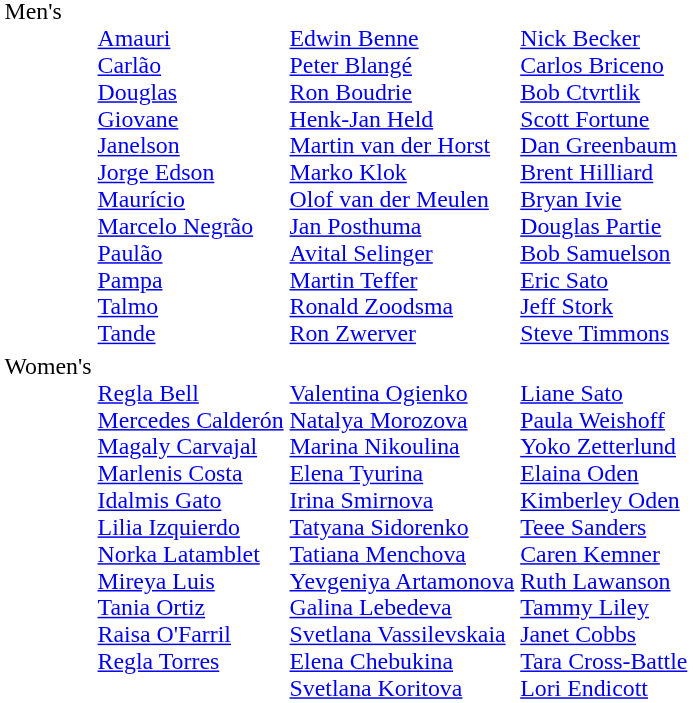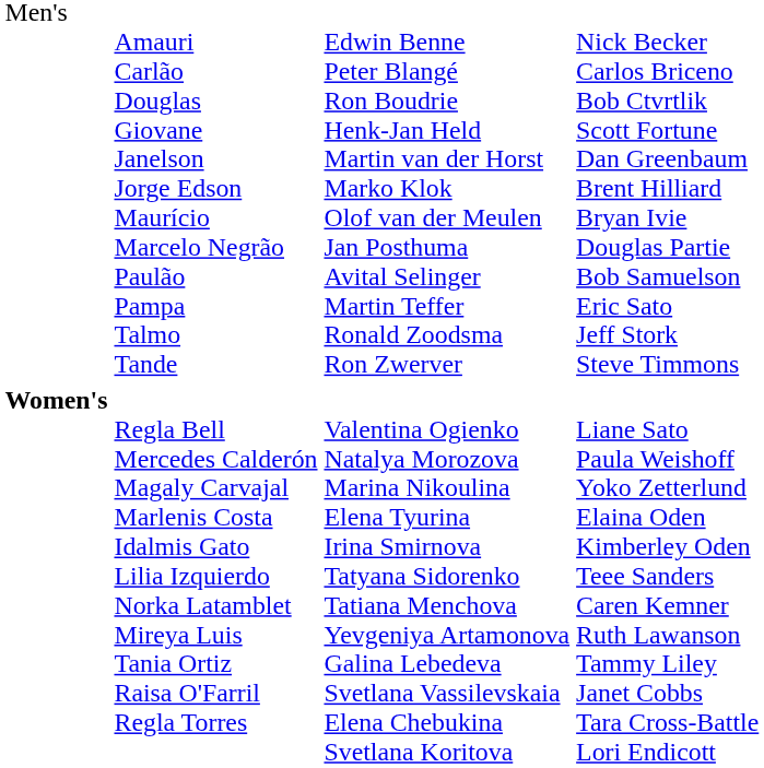 <table>
 <tr valign="top">
 <td>Men's <br></td>
 <td><br><a href='#'>Amauri</a><br><a href='#'>Carlão</a><br><a href='#'>Douglas</a><br><a href='#'>Giovane</a><br><a href='#'>Janelson</a><br><a href='#'>Jorge Edson</a><br><a href='#'>Maurício</a><br><a href='#'>Marcelo Negrão</a><br><a href='#'>Paulão</a><br><a href='#'>Pampa</a><br><a href='#'>Talmo</a><br><a href='#'>Tande</a></td>
 <td><br><a href='#'>Edwin Benne</a><br><a href='#'>Peter Blangé</a><br><a href='#'>Ron Boudrie</a><br><a href='#'>Henk-Jan Held</a><br><a href='#'>Martin van der Horst</a><br><a href='#'>Marko Klok</a><br><a href='#'>Olof van der Meulen</a><br><a href='#'>Jan Posthuma</a><br><a href='#'>Avital Selinger</a><br><a href='#'>Martin Teffer</a><br><a href='#'>Ronald Zoodsma</a><br><a href='#'>Ron Zwerver</a></td>
 <td><br><a href='#'>Nick Becker</a><br><a href='#'>Carlos Briceno</a><br><a href='#'>Bob Ctvrtlik</a><br><a href='#'>Scott Fortune</a><br><a href='#'>Dan Greenbaum</a><br><a href='#'>Brent Hilliard</a><br><a href='#'>Bryan Ivie</a><br><a href='#'>Douglas Partie</a><br><a href='#'>Bob Samuelson</a><br><a href='#'>Eric Sato</a><br><a href='#'>Jeff Stork</a><br><a href='#'>Steve Timmons</a></td>
 </tr>
 <tr valign="top">
-<td>Women's <br></td>
+<td><strong>Women's <br></strong></td>
 <td valign="top"><br><a href='#'>Regla Bell</a><br><a href='#'>Mercedes Calderón</a><br><a href='#'>Magaly Carvajal</a><br><a href='#'>Marlenis Costa</a><br><a href='#'>Idalmis Gato</a><br><a href='#'>Lilia Izquierdo</a><br><a href='#'>Norka Latamblet</a><br><a href='#'>Mireya Luis</a><br><a href='#'>Tania Ortiz</a><br><a href='#'>Raisa O'Farril</a><br><a href='#'>Regla Torres</a></td>
 <td valign="top"><br><a href='#'>Valentina Ogienko</a><br><a href='#'>Natalya Morozova</a><br><a href='#'>Marina Nikoulina</a><br><a href='#'>Elena Tyurina</a><br><a href='#'>Irina Smirnova</a><br><a href='#'>Tatyana Sidorenko</a><br><a href='#'>Tatiana Menchova</a><br><a href='#'>Yevgeniya Artamonova</a><br><a href='#'>Galina Lebedeva</a><br><a href='#'>Svetlana Vassilevskaia</a><br><a href='#'>Elena Chebukina</a><br><a href='#'>Svetlana Koritova</a></td>
 <td valign="top"><br><a href='#'>Liane Sato</a><br><a href='#'>Paula Weishoff</a><br><a href='#'>Yoko Zetterlund</a><br><a href='#'>Elaina Oden</a><br><a href='#'>Kimberley Oden</a><br><a href='#'>Teee Sanders</a><br><a href='#'>Caren Kemner</a><br><a href='#'>Ruth Lawanson</a><br><a href='#'>Tammy Liley</a><br><a href='#'>Janet Cobbs</a><br><a href='#'>Tara Cross-Battle</a><br><a href='#'>Lori Endicott</a></td>
 </tr>
 </table>
